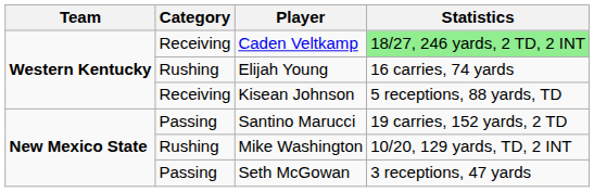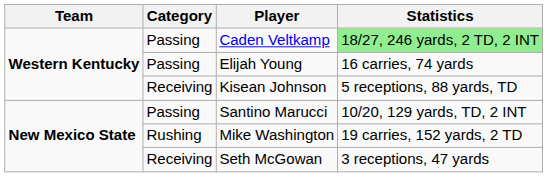 <table class="wikitable" style="float: right;">
 <tr>
 <th>Team</th>
 <th>Category</th>
 <th>Player</th>
 <th>Statistics</th>
 </tr>
 <tr>
 <td rowspan=3><strong>Western Kentucky</strong></td>
-<td>Receiving</td>
+<td>Passing</td>
 <td><a href='#'>Caden Veltkamp</a></td>
 <td style="background: lightgreen;">18/27, 246 yards, 2 TD, 2 INT</td>
 </tr>
 <tr>
-<td>Rushing</td>
+<td>Passing</td>
 <td>Elijah Young</td>
 <td>16 carries, 74 yards</td>
 </tr>
 <tr>
 <td>Receiving</td>
 <td>Kisean Johnson</td>
 <td>5 receptions, 88 yards, TD</td>
 </tr>
 <tr>
 <td rowspan=3><strong>New Mexico State</strong></td>
 <td>Passing</td>
 <td>Santino Marucci</td>
-<td>19 carries, 152 yards, 2 TD</td>
+<td>10/20, 129 yards, TD, 2 INT</td>
 </tr>
 <tr>
 <td>Rushing</td>
 <td>Mike Washington</td>
-<td>10/20, 129 yards, TD, 2 INT</td>
+<td>19 carries, 152 yards, 2 TD</td>
 </tr>
 <tr>
-<td>Passing</td>
+<td>Receiving</td>
 <td>Seth McGowan</td>
 <td>3 receptions, 47 yards</td>
 </tr>
 </table>
